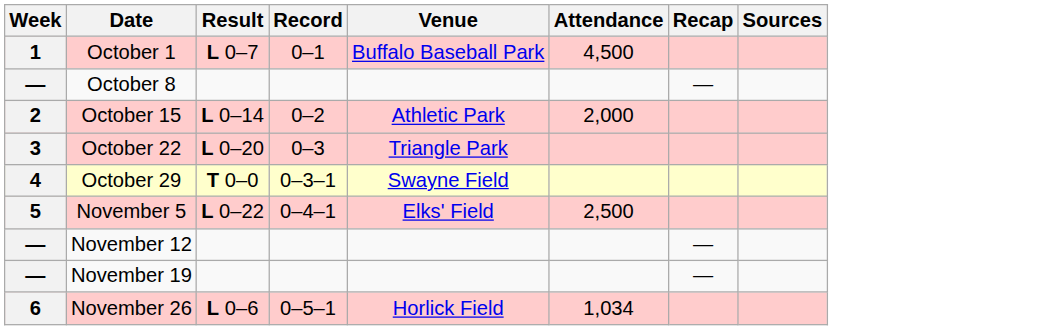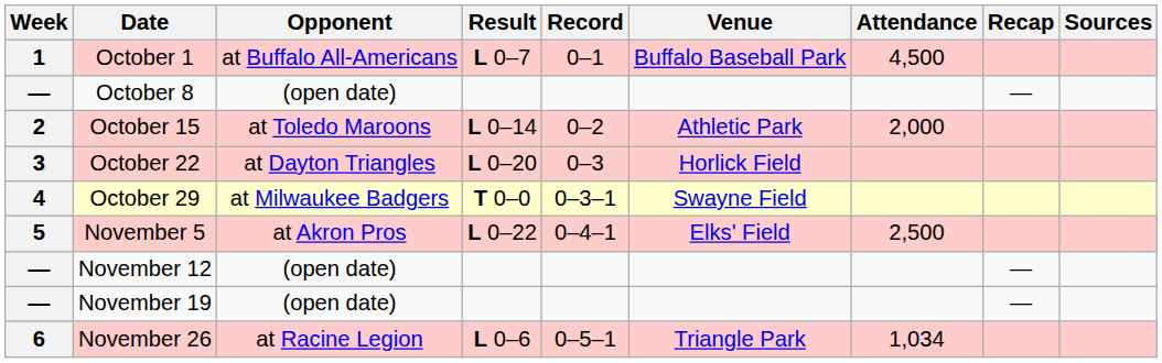 <table class="wikitable" style="text-align:center">
 <tr>
 <th>Week</th>
 <th>Date</th>
+<th>Opponent</th>
 <th>Result</th>
 <th>Record</th>
 <th>Venue</th>
 <th>Attendance</th>
 <th>Recap</th>
 <th>Sources</th>
 </tr>
 <tr style="background:#fcc">
 <th>1</th>
 <td>October 1</td>
+<td>at <a href='#'>Buffalo All-Americans</a></td>
 <td><strong>L</strong> 0–7</td>
 <td>0–1</td>
 <td><a href='#'>Buffalo Baseball Park</a></td>
 <td>4,500</td>
 <td></td>
 <td></td>
 </tr>
 <tr>
 <th>—</th>
 <td>October 8</td>
+<td>(open date)</td>
 <td></td>
 <td></td>
 <td></td>
 <td></td>
 <td>—</td>
 <td></td>
 </tr>
 <tr style="background:#fcc">
 <th>2</th>
 <td>October 15</td>
+<td>at <a href='#'>Toledo Maroons</a></td>
 <td><strong>L</strong> 0–14</td>
 <td>0–2</td>
 <td><a href='#'>Athletic Park</a></td>
 <td>2,000</td>
 <td></td>
 <td></td>
 </tr>
 <tr style="background:#fcc">
 <th>3</th>
 <td>October 22</td>
+<td>at <a href='#'>Dayton Triangles</a></td>
 <td><strong>L</strong> 0–20</td>
 <td>0–3</td>
-<td><a href='#'>Triangle Park</a></td>
+<td><a href='#'>Horlick Field</a></td>
 <td></td>
 <td></td>
 <td></td>
 </tr>
 <tr style="background:#ffc">
 <th>4</th>
 <td>October 29</td>
+<td>at <a href='#'>Milwaukee Badgers</a></td>
 <td><strong>T</strong> 0–0</td>
 <td>0–3–1</td>
 <td><a href='#'>Swayne Field</a></td>
 <td></td>
 <td></td>
 <td></td>
 </tr>
 <tr style="background:#fcc">
 <th>5</th>
 <td>November 5</td>
+<td>at <a href='#'>Akron Pros</a></td>
 <td><strong>L</strong> 0–22</td>
 <td>0–4–1</td>
 <td><a href='#'>Elks' Field</a></td>
 <td>2,500</td>
 <td></td>
 <td></td>
 </tr>
 <tr>
 <th>—</th>
 <td>November 12</td>
+<td>(open date)</td>
 <td></td>
 <td></td>
 <td></td>
 <td></td>
 <td>—</td>
 <td></td>
 </tr>
 <tr>
 <th>—</th>
 <td>November 19</td>
+<td>(open date)</td>
 <td></td>
 <td></td>
 <td></td>
 <td></td>
 <td>—</td>
 <td></td>
 </tr>
 <tr style="background:#fcc">
 <th>6</th>
 <td>November 26</td>
+<td>at <a href='#'>Racine Legion</a></td>
 <td><strong>L</strong> 0–6</td>
 <td>0–5–1</td>
-<td><a href='#'>Horlick Field</a></td>
+<td><a href='#'>Triangle Park</a></td>
 <td>1,034</td>
 <td></td>
 <td></td>
 </tr>
 </table>
